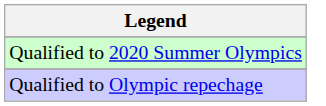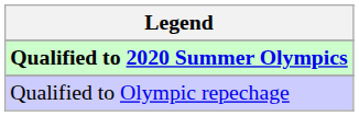 <table class="wikitable" style="font-size:92%;">
 <tr>
 <th colspan=2>Legend</th>
 </tr>
 <tr>
 </tr>
 <tr bgcolor=#cfc>
-<td>Qualified to <a href='#'>2020 Summer Olympics</a></td>
+<td><strong>Qualified to <a href='#'>2020 Summer Olympics</a></strong></td>
 </tr>
 <tr>
 </tr>
 <tr bgcolor=#ccf>
 <td>Qualified to <a href='#'>Olympic repechage</a></td>
 </tr>
 </table>
